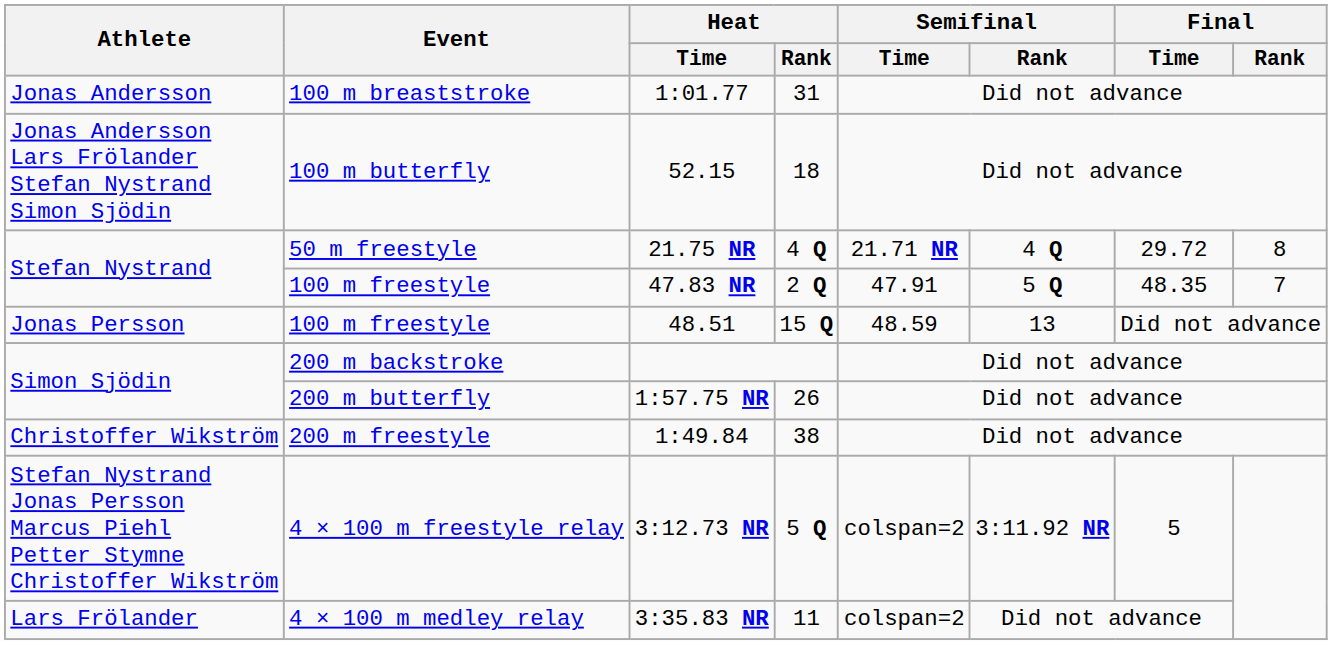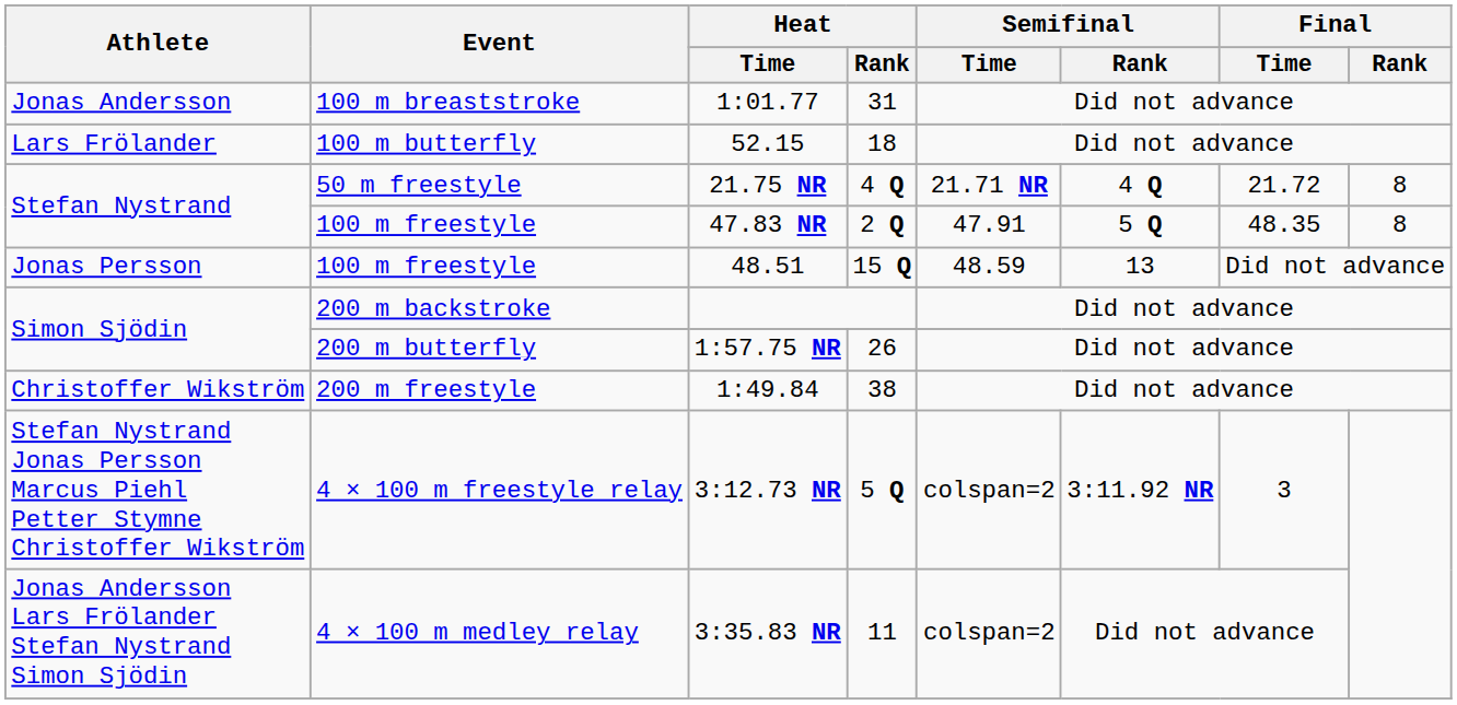 <table class=wikitable style="font-size:90%">
 <tr>
 <th rowspan="2">Athlete</th>
 <th rowspan="2">Event</th>
 <th colspan="2">Heat</th>
 <th colspan="2">Semifinal</th>
 <th colspan="2">Final</th>
 </tr>
 <tr style="font-size:95%">
 <th>Time</th>
 <th>Rank</th>
 <th>Time</th>
 <th>Rank</th>
 <th>Time</th>
 <th>Rank</th>
 </tr>
 <tr align=center>
 <td align=left><a href='#'>Jonas Andersson</a></td>
 <td align=left><a href='#'>100 m breaststroke</a></td>
 <td>1:01.77</td>
 <td>31</td>
 <td colspan=4>Did not advance</td>
 </tr>
 <tr align=center>
-<td align=left><a href='#'>Jonas Andersson</a><br><a href='#'>Lars Frölander</a><br><a href='#'>Stefan Nystrand</a><br><a href='#'>Simon Sjödin</a></td>
+<td align=left><a href='#'>Lars Frölander</a></td>
 <td align=left><a href='#'>100 m butterfly</a></td>
 <td>52.15</td>
 <td>18</td>
 <td colspan=4>Did not advance</td>
 </tr>
 <tr align=center>
 <td align=left rowspan=2><a href='#'>Stefan Nystrand</a></td>
 <td align=left><a href='#'>50 m freestyle</a></td>
 <td>21.75 <strong><a href='#'>NR</a></strong></td>
 <td>4 <strong>Q</strong></td>
 <td>21.71 <strong><a href='#'>NR</a></strong></td>
 <td>4 <strong>Q</strong></td>
-<td>29.72</td>
+<td>21.72</td>
 <td>8</td>
 </tr>
 <tr align=center>
 <td align=left><a href='#'>100 m freestyle</a></td>
 <td>47.83 <strong><a href='#'>NR</a></strong></td>
 <td>2 <strong>Q</strong></td>
 <td>47.91</td>
 <td>5 <strong>Q</strong></td>
 <td>48.35</td>
-<td>7</td>
+<td>8</td>
 </tr>
 <tr align=center>
 <td align=left><a href='#'>Jonas Persson</a></td>
 <td align=left><a href='#'>100 m freestyle</a></td>
 <td>48.51</td>
 <td>15 <strong>Q</strong></td>
 <td>48.59</td>
 <td>13</td>
 <td colspan=2>Did not advance</td>
 </tr>
 <tr align=center>
 <td align=left rowspan=2><a href='#'>Simon Sjödin</a></td>
 <td align=left><a href='#'>200 m backstroke</a></td>
 <td colspan=2></td>
 <td colspan=4>Did not advance</td>
 </tr>
 <tr align=center>
 <td align=left><a href='#'>200 m butterfly</a></td>
 <td>1:57.75 <strong><a href='#'>NR</a></strong></td>
 <td>26</td>
 <td colspan=4>Did not advance</td>
 </tr>
 <tr align=center>
 <td align=left><a href='#'>Christoffer Wikström</a></td>
 <td align=left><a href='#'>200 m freestyle</a></td>
 <td>1:49.84</td>
 <td>38</td>
 <td colspan=4>Did not advance</td>
 </tr>
 <tr align=center>
 <td align=left><a href='#'>Stefan Nystrand</a><br><a href='#'>Jonas Persson</a><br><a href='#'>Marcus Piehl</a><br><a href='#'>Petter Stymne</a><br><a href='#'>Christoffer Wikström</a></td>
 <td align=left><a href='#'>4 × 100 m freestyle relay</a></td>
 <td>3:12.73 <strong><a href='#'>NR</a></strong></td>
 <td>5 <strong>Q</strong></td>
 <td>colspan=2 </td>
 <td>3:11.92 <strong><a href='#'>NR</a></strong></td>
-<td>5</td>
+<td>3</td>
 </tr>
 <tr align=center>
-<td align=left><a href='#'>Lars Frölander</a></td>
+<td align=left><a href='#'>Jonas Andersson</a><br><a href='#'>Lars Frölander</a><br><a href='#'>Stefan Nystrand</a><br><a href='#'>Simon Sjödin</a></td>
 <td align=left><a href='#'>4 × 100 m medley relay</a></td>
 <td>3:35.83 <strong><a href='#'>NR</a></strong></td>
 <td>11</td>
 <td>colspan=2 </td>
 <td colspan=2>Did not advance</td>
 </tr>
 </table>
